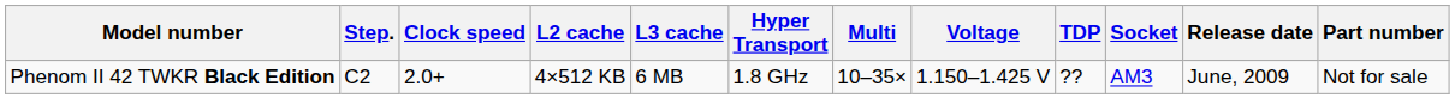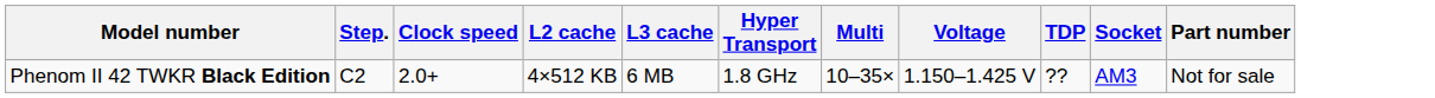 <table class="wikitable">
 <tr>
 <th>Model number</th>
 <th><a href='#'>Step</a>.</th>
 <th><a href='#'>Clock speed</a></th>
 <th><a href='#'>L2 cache</a></th>
 <th><a href='#'>L3 cache</a></th>
 <th><a href='#'>Hyper<br>Transport</a></th>
 <th><a href='#'>Multi</a></th>
 <th><a href='#'>Voltage</a></th>
 <th><a href='#'>TDP</a></th>
 <th><a href='#'>Socket</a></th>
-<th>Release date</th>
 <th>Part number</th>
 </tr>
 <tr>
 <td style="text-align:left">Phenom II 42 TWKR <strong>Black Edition</strong></td>
 <td>C2</td>
 <td>2.0+</td>
 <td style="white-space: nowrap;">4×512 KB</td>
 <td>6 MB</td>
 <td>1.8 GHz</td>
 <td>10–35×</td>
 <td style="white-space: nowrap;">1.150–1.425 V</td>
 <td>??</td>
 <td><a href='#'>AM3</a></td>
-<td>June, 2009</td>
 <td>Not for sale</td>
 </tr>
 </table>
